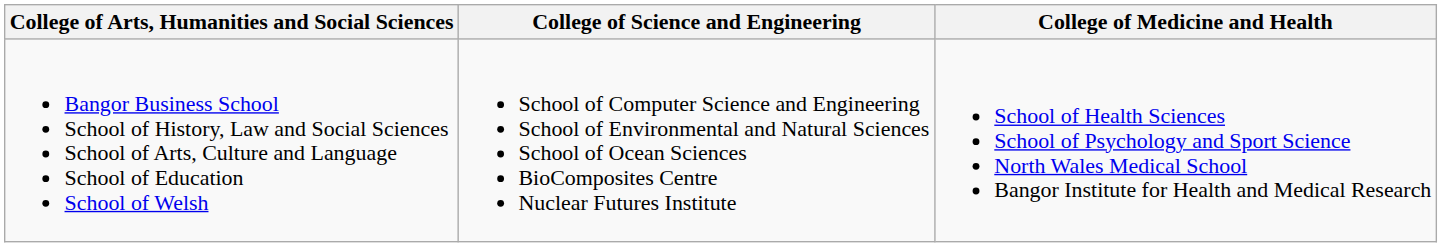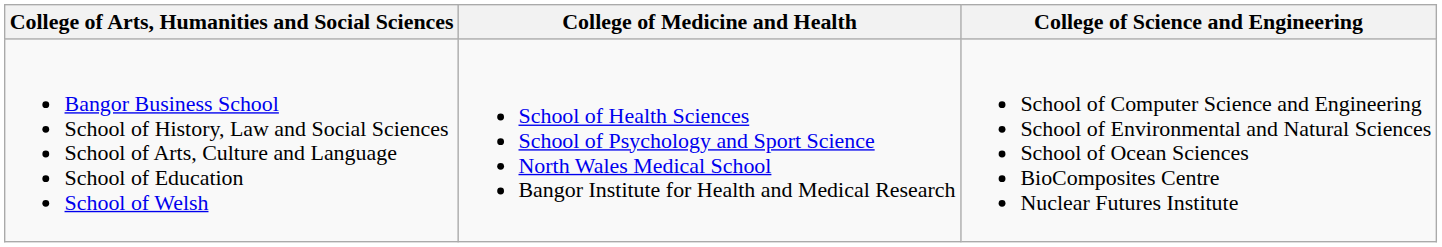 <table class="wikitable">
 <tr>
 <th>College of Arts, Humanities and Social Sciences</th>
+<th>College of Medicine and Health</th>
 <th>College of Science and Engineering</th>
-<th>College of Medicine and Health</th>
 </tr>
 <tr>
 <td><br><ul><li><a href='#'>Bangor Business School</a></li><li>School of History, Law and Social Sciences</li><li>School of Arts, Culture and Language</li><li>School of Education</li><li><a href='#'>School of Welsh</a></li></ul></td>
+<td><br><ul><li><a href='#'>School of Health Sciences</a></li><li><a href='#'>School of Psychology and Sport Science</a></li><li><a href='#'>North Wales Medical School</a></li><li>Bangor Institute for Health and Medical Research</li></ul></td>
 <td><br><ul><li>School of Computer Science and Engineering</li><li>School of Environmental and Natural Sciences</li><li>School of Ocean Sciences</li><li>BioComposites Centre</li><li>Nuclear Futures Institute </li></ul></td>
-<td><br><ul><li><a href='#'>School of Health Sciences</a></li><li><a href='#'>School of Psychology and Sport Science</a></li><li><a href='#'>North Wales Medical School</a></li><li>Bangor Institute for Health and Medical Research</li></ul></td>
 </tr>
 </table>
